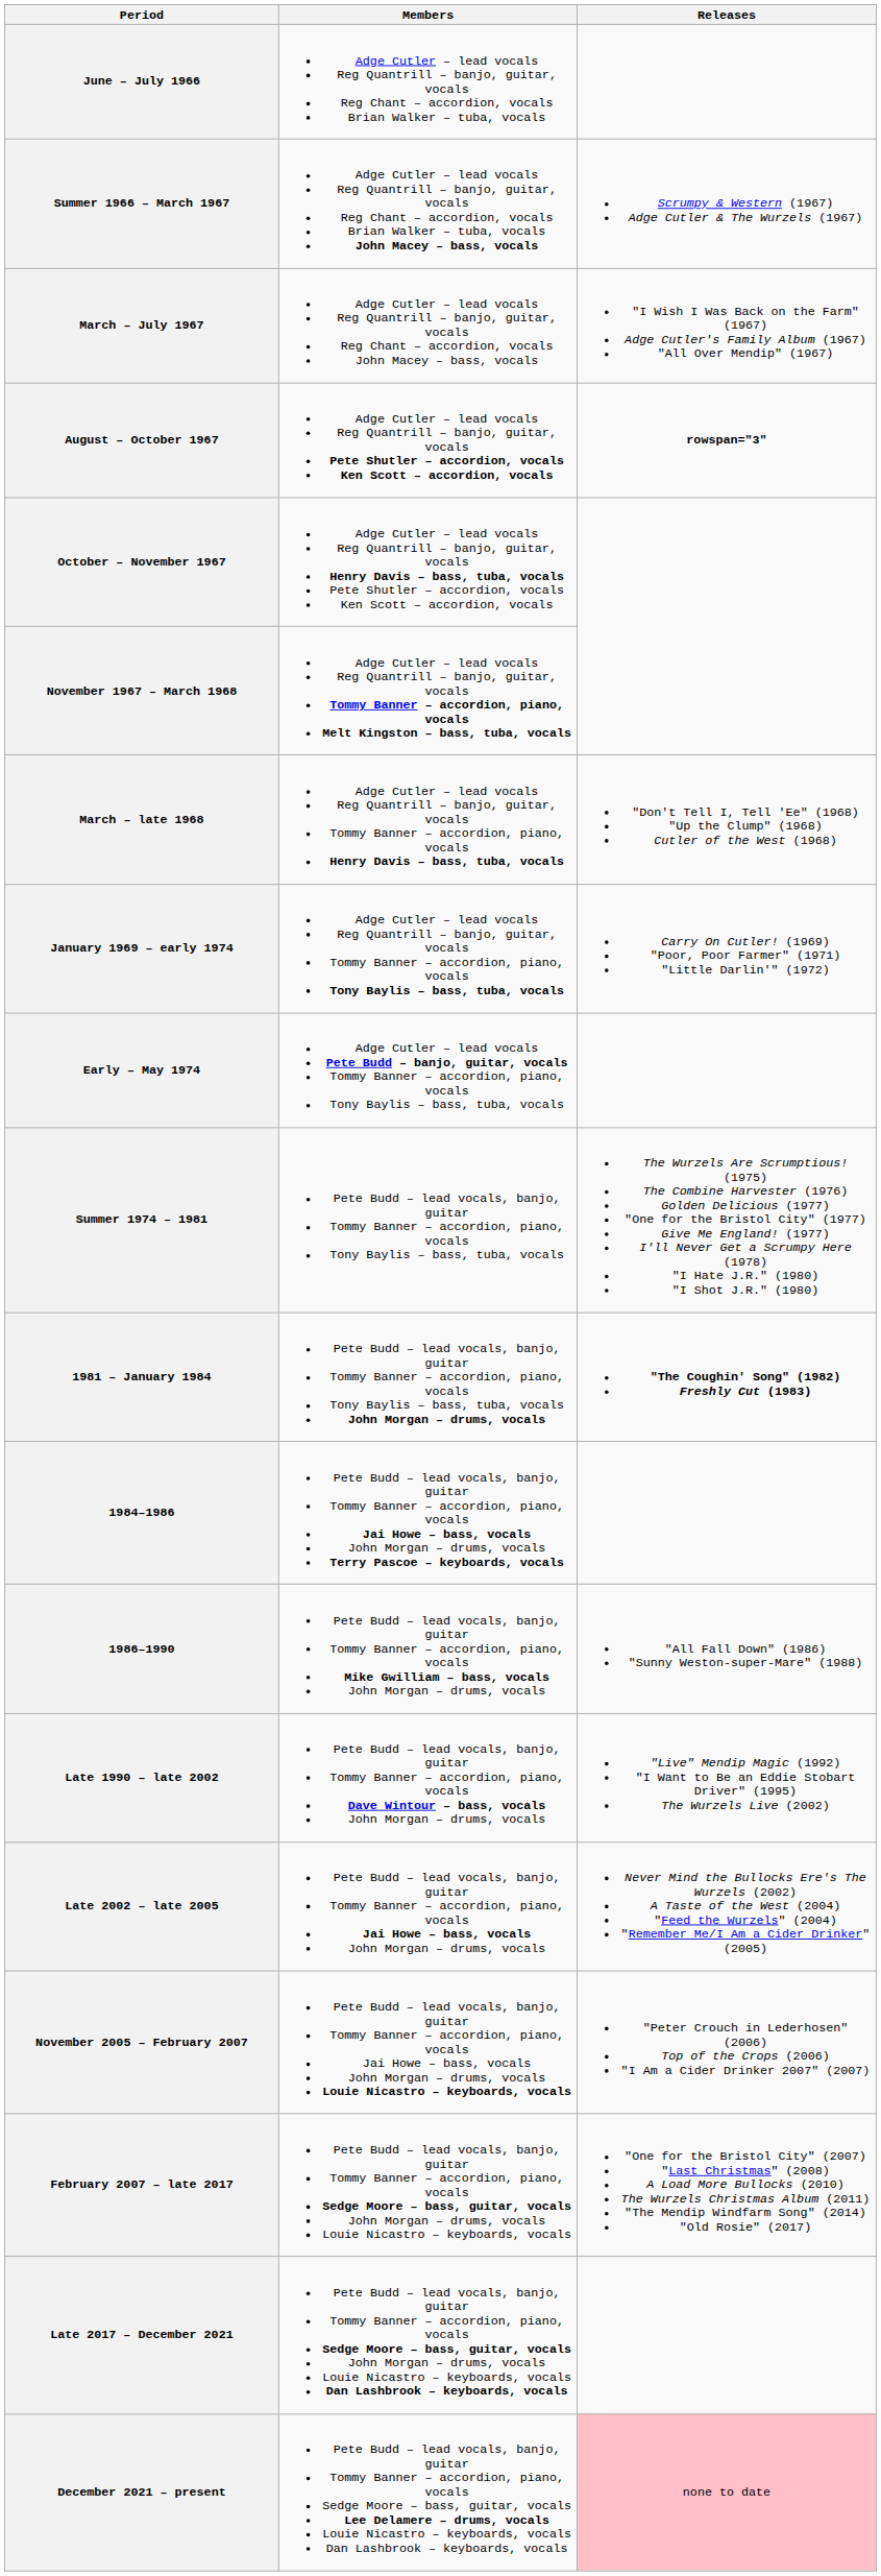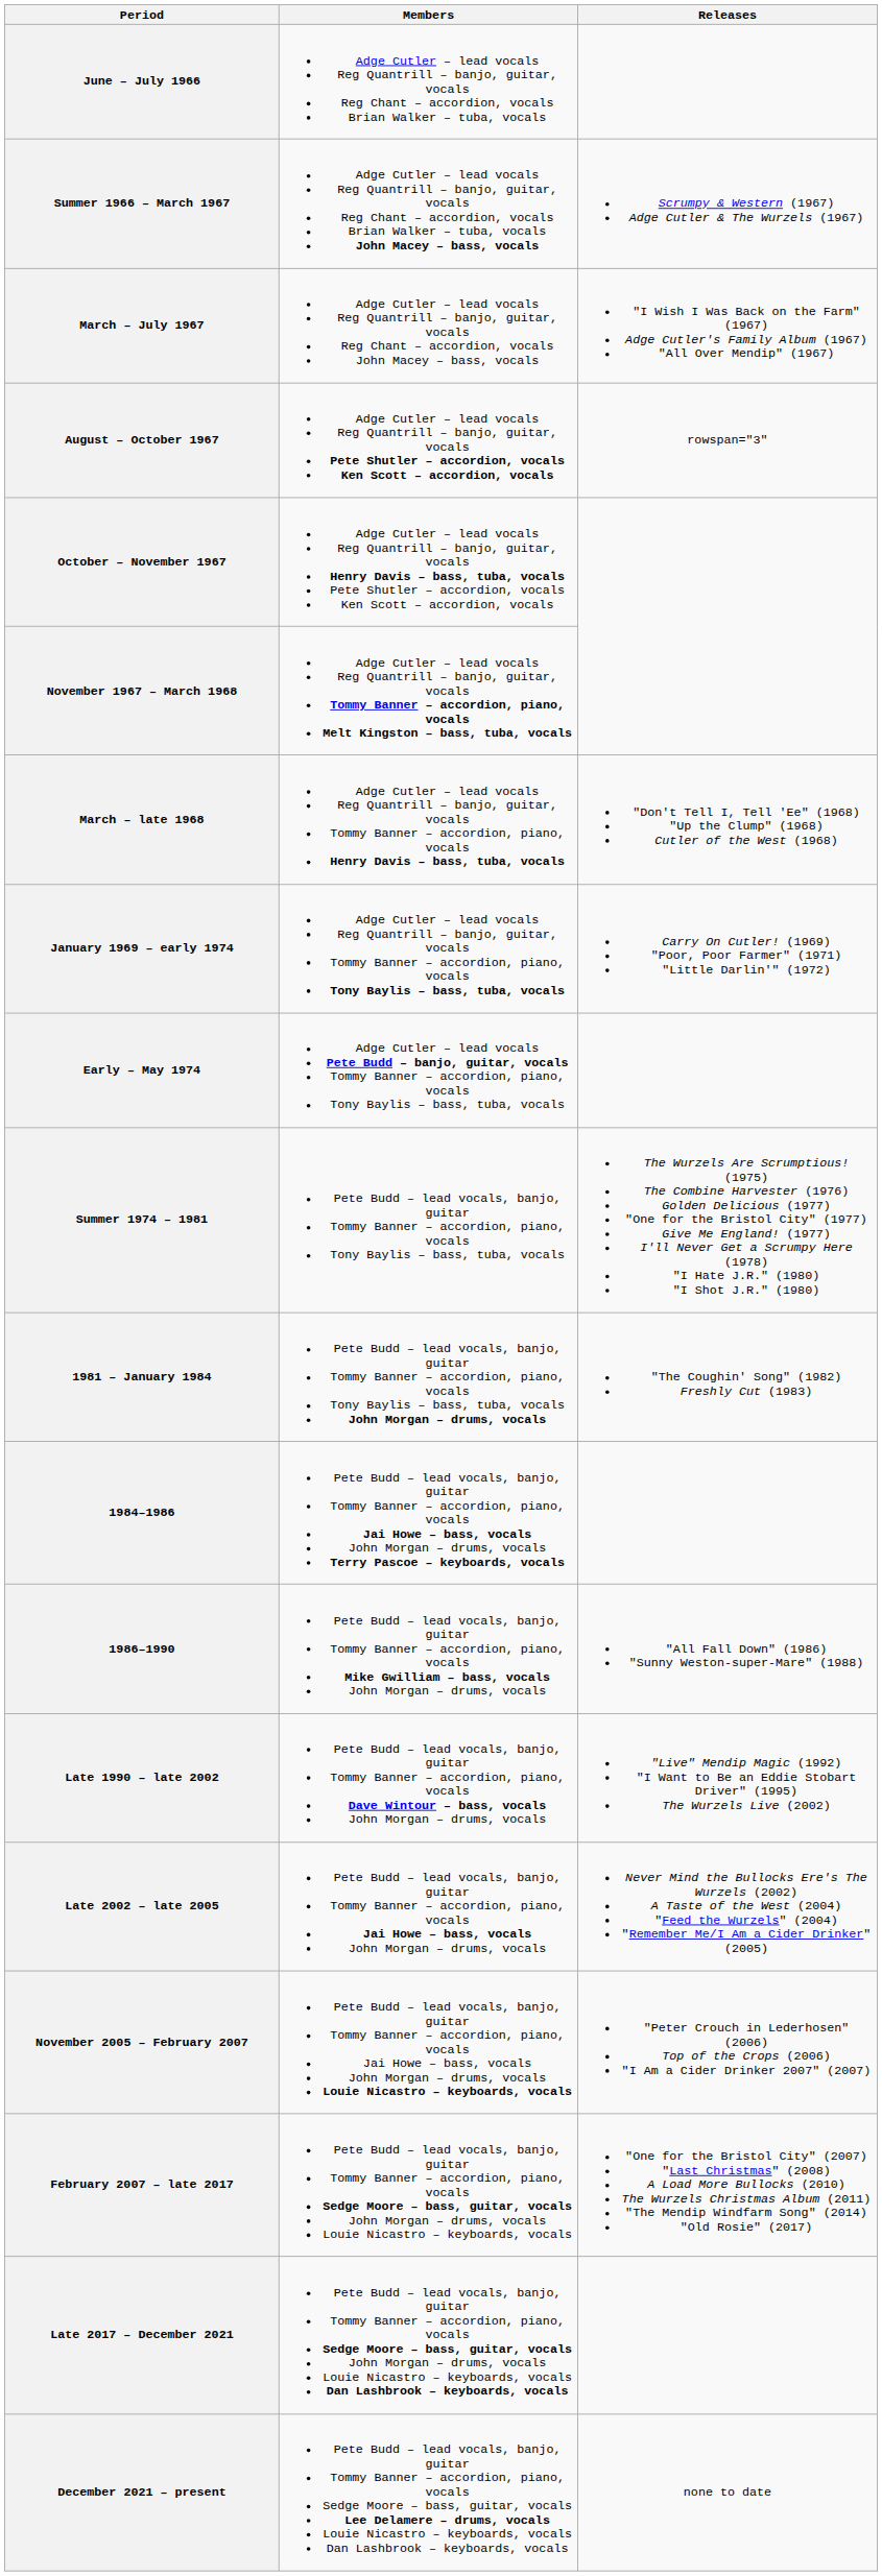 <table class="wikitable plainrowheaders" style="text-align:center;">
 <tr>
 <th scope="col" style="width:22em;">Period</th>
 <th scope="col" style="width:24em;">Members</th>
 <th scope="col" style="width:24em;">Releases</th>
 </tr>
 <tr>
 <th scope="col">June – July 1966<br></th>
 <td><br><ul><li><a href='#'>Adge Cutler</a> – lead vocals</li><li>Reg Quantrill – banjo, guitar, vocals</li><li>Reg Chant – accordion, vocals</li><li>Brian Walker – tuba, vocals</li></ul></td>
 <td></td>
 </tr>
 <tr>
 <th scope="col">Summer 1966 – March 1967<br></th>
 <td><br><ul><li>Adge Cutler – lead vocals</li><li>Reg Quantrill – banjo, guitar, vocals</li><li>Reg Chant – accordion, vocals</li><li>Brian Walker – tuba, vocals</li><li><strong>John Macey – bass, vocals</strong></li></ul></td>
 <td><br><ul><li><em><a href='#'>Scrumpy & Western</a></em> (1967)</li><li><em>Adge Cutler & The Wurzels</em> (1967)</li></ul></td>
 </tr>
 <tr>
 <th scope="col">March – July 1967<br></th>
 <td><br><ul><li>Adge Cutler – lead vocals</li><li>Reg Quantrill – banjo, guitar, vocals</li><li>Reg Chant – accordion, vocals</li><li>John Macey – bass, vocals</li></ul></td>
 <td><br><ul><li>"I Wish I Was Back on the Farm" (1967)</li><li><em>Adge Cutler's Family Album</em> (1967)</li><li>"All Over Mendip" (1967)</li></ul></td>
 </tr>
 <tr>
 <th scope="col">August – October 1967<br></th>
 <td><br><ul><li>Adge Cutler – lead vocals</li><li>Reg Quantrill – banjo, guitar, vocals</li><li><strong>Pete Shutler – accordion, vocals</strong> </li><li><strong>Ken Scott – accordion, vocals</strong> </li></ul></td>
-<td><strong>rowspan="3" </strong></td>
+<td>rowspan="3" </td>
 </tr>
 <tr>
 <th scope="col">October – November 1967<br></th>
 <td><br><ul><li>Adge Cutler – lead vocals</li><li>Reg Quantrill – banjo, guitar, vocals</li><li><strong>Henry Davis – bass, tuba, vocals</strong></li><li>Pete Shutler – accordion, vocals </li><li>Ken Scott – accordion, vocals </li></ul></td>
 </tr>
 <tr>
 <th scope="col">November 1967 – March 1968<br></th>
 <td><br><ul><li>Adge Cutler – lead vocals</li><li>Reg Quantrill – banjo, guitar, vocals</li><li><strong><a href='#'>Tommy Banner</a> – accordion, piano, vocals</strong></li><li><strong>Melt Kingston – bass, tuba, vocals</strong></li></ul></td>
 </tr>
 <tr>
 <th scope="col">March – late 1968<br></th>
 <td><br><ul><li>Adge Cutler – lead vocals</li><li>Reg Quantrill – banjo, guitar, vocals</li><li>Tommy Banner – accordion, piano, vocals</li><li><strong>Henry Davis – bass, tuba, vocals</strong></li></ul></td>
 <td><br><ul><li>"Don't Tell I, Tell 'Ee" (1968)</li><li>"Up the Clump" (1968)</li><li><em>Cutler of the West</em> (1968)</li></ul></td>
 </tr>
 <tr>
 <th scope="col">January 1969 – early 1974<br></th>
 <td><br><ul><li>Adge Cutler – lead vocals</li><li>Reg Quantrill – banjo, guitar, vocals</li><li>Tommy Banner – accordion, piano, vocals</li><li><strong>Tony Baylis – bass, tuba, vocals</strong></li></ul></td>
 <td><br><ul><li><em>Carry On Cutler!</em> (1969)</li><li>"Poor, Poor Farmer" (1971)</li><li>"Little Darlin'" (1972)</li></ul></td>
 </tr>
 <tr>
 <th scope="col">Early – May 1974<br></th>
 <td><br><ul><li>Adge Cutler – lead vocals</li><li><strong><a href='#'>Pete Budd</a> – banjo, guitar, vocals</strong></li><li>Tommy Banner – accordion, piano, vocals</li><li>Tony Baylis – bass, tuba, vocals</li></ul></td>
 <td></td>
 </tr>
 <tr>
 <th scope="col">Summer 1974 – 1981</th>
 <td><br><ul><li>Pete Budd – lead vocals, banjo, guitar</li><li>Tommy Banner – accordion, piano, vocals</li><li>Tony Baylis – bass, tuba, vocals</li></ul></td>
 <td><br><ul><li><em>The Wurzels Are Scrumptious!</em> (1975)</li><li><em>The Combine Harvester</em> (1976)</li><li><em>Golden Delicious</em> (1977)</li><li>"One for the Bristol City" (1977)</li><li><em>Give Me England!</em> (1977)</li><li><em>I'll Never Get a Scrumpy Here</em> (1978)</li><li>"I Hate J.R." (1980)</li><li>"I Shot J.R." (1980)</li></ul></td>
 </tr>
 <tr>
 <th scope="col">1981 – January 1984</th>
 <td><br><ul><li>Pete Budd – lead vocals, banjo, guitar</li><li>Tommy Banner – accordion, piano, vocals</li><li>Tony Baylis – bass, tuba, vocals</li><li><strong>John Morgan – drums, vocals</strong></li></ul></td>
-<td><strong><br><ul><li>"The Coughin' Song" (1982)</li><li><em>Freshly Cut</em> (1983)</li></ul></strong></td>
+<td><br><ul><li>"The Coughin' Song" (1982)</li><li><em>Freshly Cut</em> (1983)</li></ul></td>
 </tr>
 <tr>
 <th scope="col">1984–1986</th>
 <td><br><ul><li>Pete Budd – lead vocals, banjo, guitar</li><li>Tommy Banner – accordion, piano, vocals</li><li><strong>Jai Howe – bass, vocals</strong></li><li>John Morgan – drums, vocals</li><li><strong>Terry Pascoe – keyboards, vocals</strong></li></ul></td>
 <td></td>
 </tr>
 <tr>
 <th scope="col">1986–1990</th>
 <td><br><ul><li>Pete Budd – lead vocals, banjo, guitar</li><li>Tommy Banner – accordion, piano, vocals</li><li><strong>Mike Gwilliam – bass, vocals</strong></li><li>John Morgan – drums, vocals</li></ul></td>
 <td><br><ul><li>"All Fall Down" (1986)</li><li>"Sunny Weston-super-Mare" (1988)</li></ul></td>
 </tr>
 <tr>
 <th scope="col">Late 1990 – late 2002</th>
 <td><br><ul><li>Pete Budd – lead vocals, banjo, guitar</li><li>Tommy Banner – accordion, piano, vocals</li><li><strong><a href='#'>Dave Wintour</a> – bass, vocals</strong></li><li>John Morgan – drums, vocals</li></ul></td>
 <td><br><ul><li><em>"Live" Mendip Magic</em> (1992)</li><li>"I Want to Be an Eddie Stobart Driver" (1995)</li><li><em>The Wurzels Live</em> (2002)</li></ul></td>
 </tr>
 <tr>
 <th scope="col">Late 2002 – late 2005</th>
 <td><br><ul><li>Pete Budd – lead vocals, banjo, guitar</li><li>Tommy Banner – accordion, piano, vocals</li><li><strong>Jai Howe – bass, vocals</strong></li><li>John Morgan – drums, vocals</li></ul></td>
 <td><br><ul><li><em>Never Mind the Bullocks Ere's The Wurzels</em> (2002)</li><li><em>A Taste of the West</em> (2004)</li><li>"<a href='#'>Feed the Wurzels</a>" (2004)</li><li>"<a href='#'>Remember Me/I Am a Cider Drinker</a>" (2005)</li></ul></td>
 </tr>
 <tr>
 <th scope="col">November 2005 – February 2007</th>
 <td><br><ul><li>Pete Budd – lead vocals, banjo, guitar</li><li>Tommy Banner – accordion, piano, vocals</li><li>Jai Howe – bass, vocals</li><li>John Morgan – drums, vocals</li><li><strong>Louie Nicastro – keyboards, vocals</strong> </li></ul></td>
 <td><br><ul><li>"Peter Crouch in Lederhosen" (2006)</li><li><em>Top of the Crops</em> (2006)</li><li>"I Am a Cider Drinker 2007" (2007)</li></ul></td>
 </tr>
 <tr>
 <th scope="col">February 2007 – late 2017</th>
 <td><br><ul><li>Pete Budd – lead vocals, banjo, guitar</li><li>Tommy Banner – accordion, piano, vocals</li><li><strong>Sedge Moore – bass, guitar, vocals</strong></li><li>John Morgan – drums, vocals</li><li>Louie Nicastro – keyboards, vocals </li></ul></td>
 <td><br><ul><li>"One for the Bristol City" (2007)</li><li>"<a href='#'>Last Christmas</a>" (2008)</li><li><em>A Load More Bullocks</em> (2010)</li><li><em>The Wurzels Christmas Album</em> (2011)</li><li>"The Mendip Windfarm Song" (2014)</li><li>"Old Rosie" (2017)</li></ul></td>
 </tr>
 <tr>
 <th scope="col">Late 2017 – December 2021</th>
 <td><br><ul><li>Pete Budd – lead vocals, banjo, guitar</li><li>Tommy Banner – accordion, piano, vocals</li><li><strong>Sedge Moore – bass, guitar, vocals</strong></li><li>John Morgan – drums, vocals</li><li>Louie Nicastro – keyboards, vocals </li><li><strong>Dan Lashbrook – keyboards, vocals</strong> </li></ul></td>
 <td></td>
 </tr>
 <tr>
 <th scope="col">December 2021 – present</th>
 <td><br><ul><li>Pete Budd – lead vocals, banjo, guitar</li><li>Tommy Banner – accordion, piano, vocals</li><li>Sedge Moore – bass, guitar, vocals</li><li><strong>Lee Delamere – drums, vocals</strong></li><li>Louie Nicastro – keyboards, vocals </li><li>Dan Lashbrook – keyboards, vocals </li></ul></td>
-<td style="background: pink;">none to date</td>
+<td>none to date</td>
 </tr>
 </table>
